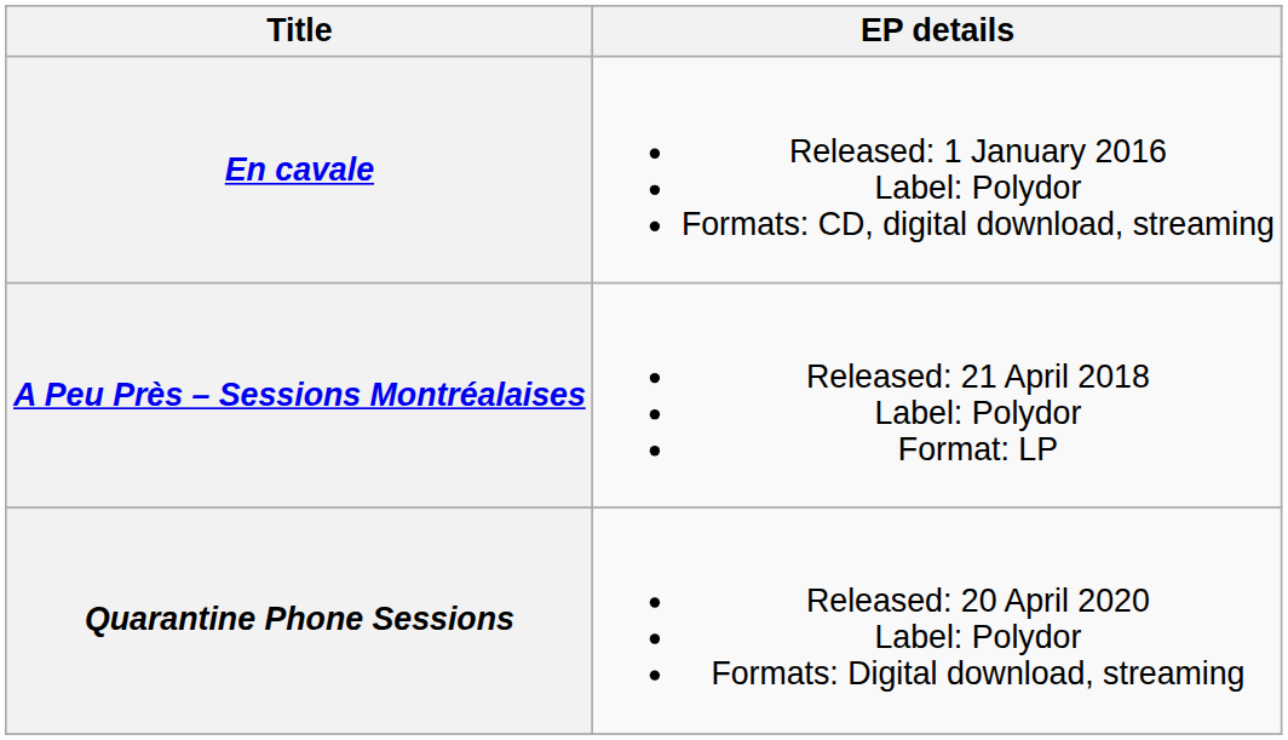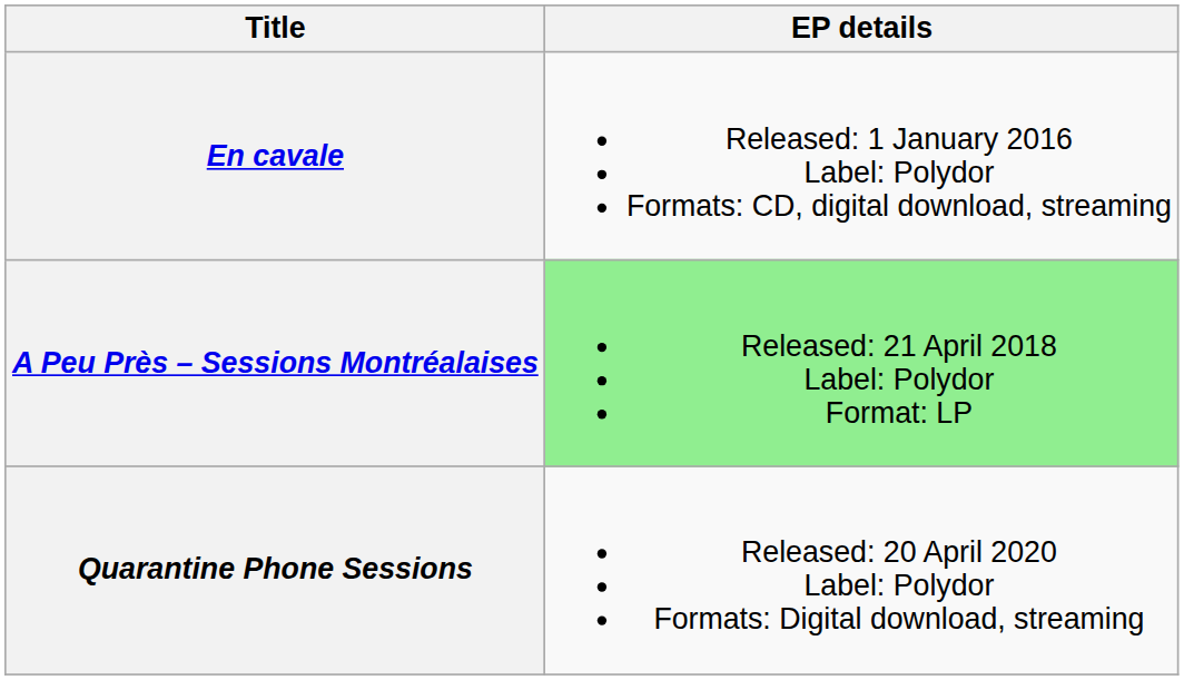 <table class="wikitable plainrowheaders" style="text-align:center;">
 <tr>
 <th rowspan="1">Title</th>
 <th rowspan="1">EP details</th>
 </tr>
 <tr>
 <th scope="row"><em><a href='#'>En cavale</a></em></th>
 <td><br><ul><li>Released: 1 January 2016</li><li>Label: Polydor</li><li>Formats: CD, digital download, streaming</li></ul></td>
 </tr>
 <tr>
 <th scope="row"><em><a href='#'>A Peu Près – Sessions Montréalaises</a></em></th>
-<td><br><ul><li>Released: 21 April 2018</li><li>Label: Polydor</li><li>Format: LP</li></ul></td>
+<td style="background: lightgreen;"><br><ul><li>Released: 21 April 2018</li><li>Label: Polydor</li><li>Format: LP</li></ul></td>
 </tr>
 <tr>
 <th scope="row"><em>Quarantine Phone Sessions</em></th>
 <td><br><ul><li>Released: 20 April 2020</li><li>Label: Polydor</li><li>Formats: Digital download, streaming</li></ul></td>
 </tr>
 </table>
